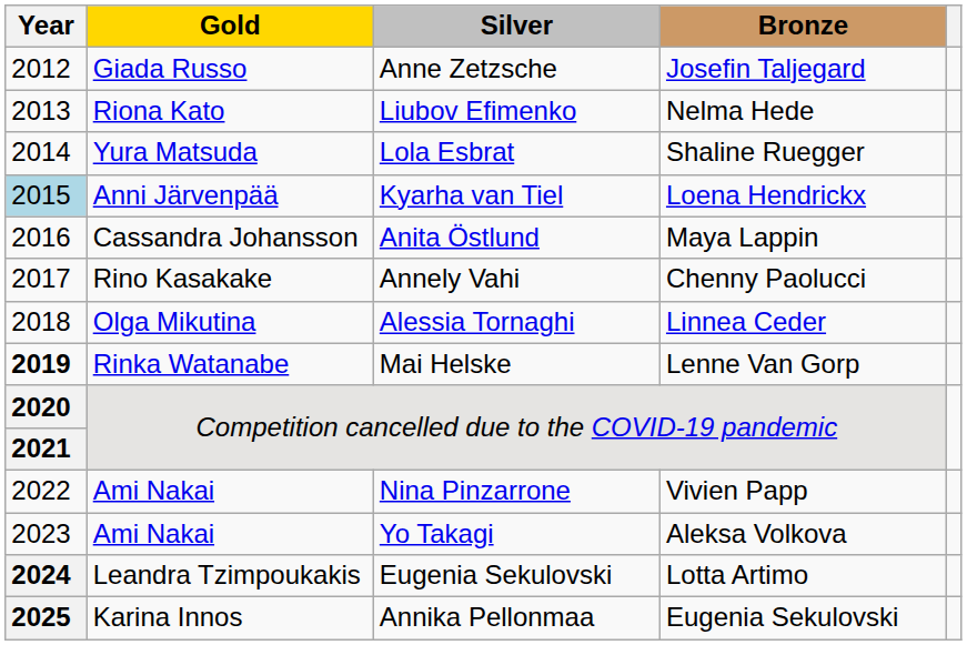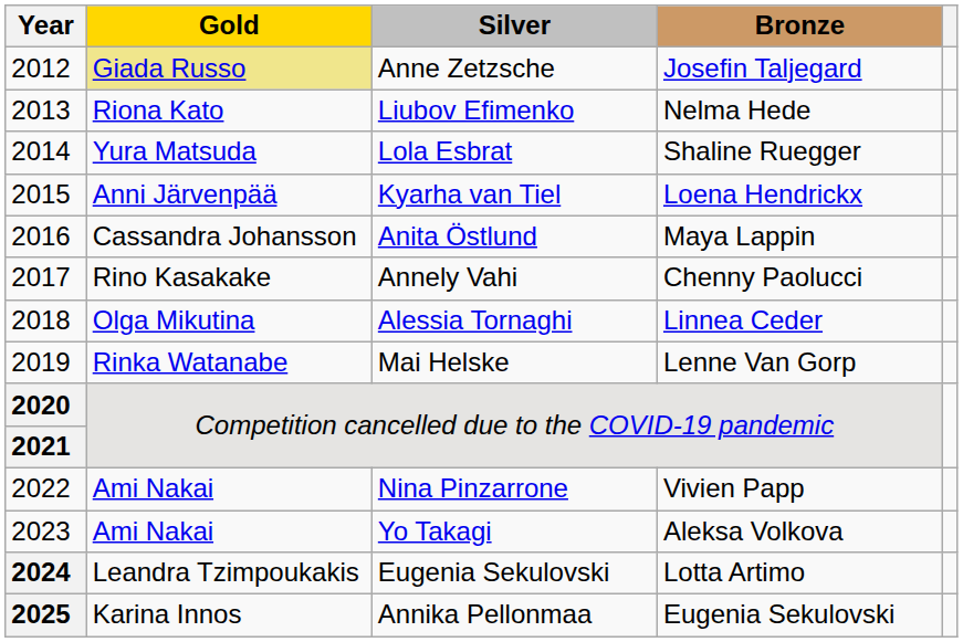 <table class="wikitable unsortable" style="text-align:left; width:65%">
 <tr>
 <th scope="col" style="text-align:center">Year</th>
 <th scope="col" style="text-align:center; width:30%; background:gold">Gold</th>
 <th scope="col" style="text-align:center; width:30%; background:silver">Silver</th>
 <th scope="col" style="text-align:center; width:30%; background:#c96">Bronze</th>
 <th scope="col" style="text-align:center"></th>
 </tr>
 <tr>
 <td>2012</td>
-<td> <a href='#'>Giada Russo</a></td>
+<td style="background: khaki;"> <a href='#'>Giada Russo</a></td>
 <td> Anne Zetzsche</td>
 <td> <a href='#'>Josefin Taljegard</a></td>
 <td></td>
 </tr>
 <tr>
 <td>2013</td>
 <td> <a href='#'>Riona Kato</a></td>
 <td> <a href='#'>Liubov Efimenko</a></td>
 <td> Nelma Hede</td>
 <td></td>
 </tr>
 <tr>
 <td>2014</td>
 <td> <a href='#'>Yura Matsuda</a></td>
 <td> <a href='#'>Lola Esbrat</a></td>
 <td> Shaline Ruegger</td>
 <td></td>
 </tr>
 <tr>
-<td style="background: lightblue;">2015</td>
+<td>2015</td>
 <td> <a href='#'>Anni Järvenpää</a></td>
 <td> <a href='#'>Kyarha van Tiel</a></td>
 <td> <a href='#'>Loena Hendrickx</a></td>
 <td></td>
 </tr>
 <tr>
 <td>2016</td>
 <td> Cassandra Johansson</td>
 <td> <a href='#'>Anita Östlund</a></td>
 <td> Maya Lappin</td>
 <td></td>
 </tr>
 <tr>
 <td>2017</td>
 <td> Rino Kasakake</td>
 <td> Annely Vahi</td>
 <td> Chenny Paolucci</td>
 <td></td>
 </tr>
 <tr>
 <td>2018</td>
 <td> <a href='#'>Olga Mikutina</a></td>
 <td> <a href='#'>Alessia Tornaghi</a></td>
 <td> <a href='#'>Linnea Ceder</a></td>
 <td></td>
 </tr>
 <tr>
-<td><strong>2019</strong></td>
+<td>2019</td>
 <td> <a href='#'>Rinka Watanabe</a></td>
 <td> Mai Helske</td>
 <td> Lenne Van Gorp</td>
 <td></td>
 </tr>
 <tr>
 <th scope="row" style="text-align:left">2020</th>
 <td colspan="3" rowspan="2" align="center" bgcolor="e5e4e2"><em>Competition cancelled due to the <a href='#'>COVID-19 pandemic</a></em></td>
 <td rowspan="2"></td>
 </tr>
 <tr>
 <th scope="row" style="text-align:left">2021</th>
 </tr>
 <tr>
 <td>2022</td>
 <td> <a href='#'>Ami Nakai</a></td>
 <td> <a href='#'>Nina Pinzarrone</a></td>
 <td> Vivien Papp</td>
 <td></td>
 </tr>
 <tr>
 <td>2023</td>
 <td> <a href='#'>Ami Nakai</a></td>
 <td> <a href='#'>Yo Takagi</a></td>
 <td> Aleksa Volkova</td>
 <td></td>
 </tr>
 <tr>
 <th scope="row" style="text-align:left">2024</th>
 <td> Leandra Tzimpoukakis</td>
 <td> Eugenia Sekulovski</td>
 <td> Lotta Artimo</td>
 <td></td>
 </tr>
 <tr>
 <th scope="row" style="text-align:left">2025</th>
 <td> Karina Innos</td>
 <td> Annika Pellonmaa</td>
 <td> Eugenia Sekulovski</td>
 <td></td>
 </tr>
 </table>
